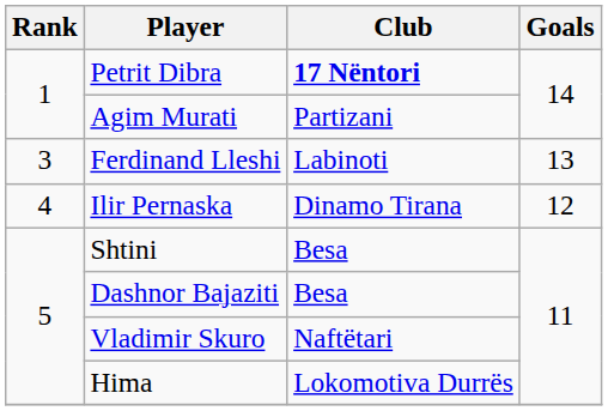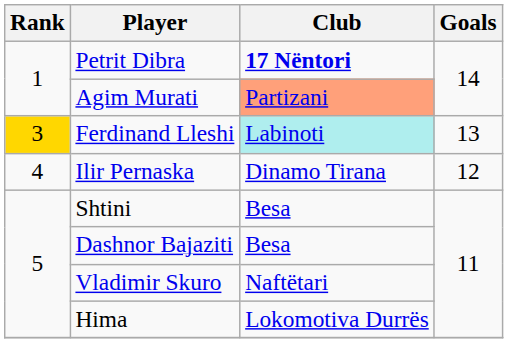 <table class="wikitable" style="text-align:center">
 <tr>
 <th>Rank</th>
 <th>Player</th>
 <th>Club</th>
 <th>Goals</th>
 </tr>
 <tr>
 <td rowspan="2">1</td>
 <td align="left"> <a href='#'>Petrit Dibra</a></td>
 <td align="left"><strong><a href='#'>17 Nëntori</a></strong></td>
 <td rowspan="2">14</td>
 </tr>
 <tr>
 <td align="left"> <a href='#'>Agim Murati</a></td>
-<td align="left"><a href='#'>Partizani</a></td>
+<td align="left" style="background: lightsalmon;"><a href='#'>Partizani</a></td>
 </tr>
 <tr>
-<td>3</td>
+<td style="background: gold;">3</td>
 <td align="left"> <a href='#'>Ferdinand Lleshi</a></td>
-<td align="left"><a href='#'>Labinoti</a></td>
+<td align="left" style="background: paleturquoise;"><a href='#'>Labinoti</a></td>
 <td>13</td>
 </tr>
 <tr>
 <td>4</td>
 <td align="left"> <a href='#'>Ilir Pernaska</a></td>
 <td align="left"><a href='#'>Dinamo Tirana</a></td>
 <td>12</td>
 </tr>
 <tr>
 <td rowspan="4">5</td>
 <td align="left"> Shtini</td>
 <td align="left"><a href='#'>Besa</a></td>
 <td rowspan="4">11</td>
 </tr>
 <tr>
 <td align="left"> <a href='#'>Dashnor Bajaziti</a></td>
 <td align="left"><a href='#'>Besa</a></td>
 </tr>
 <tr>
 <td align="left"> <a href='#'>Vladimir Skuro</a></td>
 <td align="left"><a href='#'>Naftëtari</a></td>
 </tr>
 <tr>
 <td align="left"> Hima</td>
 <td align="left"><a href='#'>Lokomotiva Durrës</a></td>
 </tr>
 <tr>
 </tr>
 </table>
